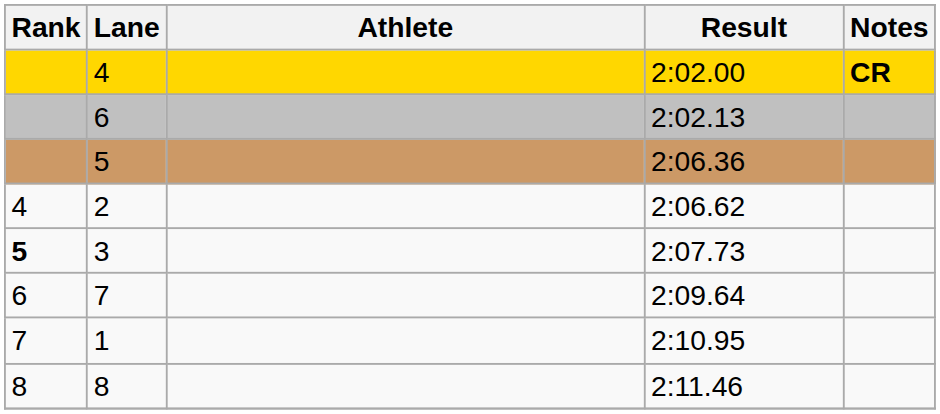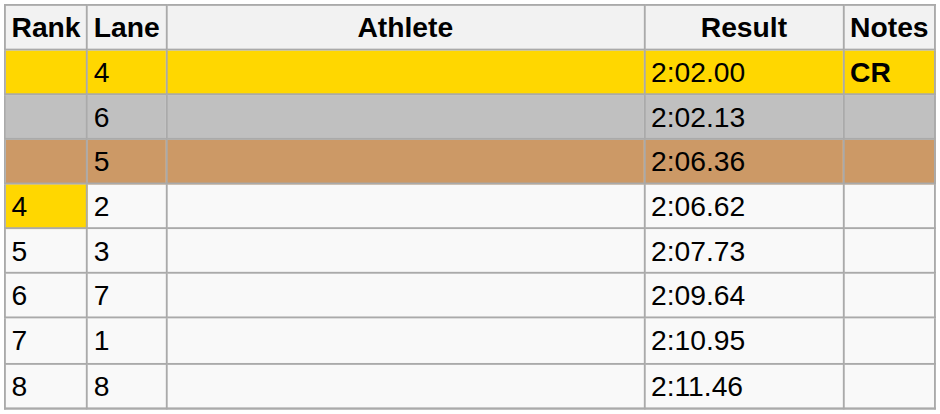 <table class="wikitable" style="font-size:95%" style="width:35em;" style="text-align:center">
 <tr>
 <th>Rank</th>
 <th>Lane</th>
 <th width=250>Athlete</th>
 <th width=100>Result</th>
 <th>Notes</th>
 </tr>
 <tr bgcolor=gold>
 <td></td>
 <td>4</td>
 <td align=left></td>
 <td>2:02.00</td>
 <td><strong>CR</strong></td>
 </tr>
 <tr bgcolor=silver>
 <td></td>
 <td>6</td>
 <td align=left></td>
 <td>2:02.13</td>
 <td></td>
 </tr>
 <tr bgcolor=cc9966>
 <td></td>
 <td>5</td>
 <td align=left></td>
 <td>2:06.36</td>
 <td></td>
 </tr>
 <tr>
-<td>4</td>
+<td style="background: gold;">4</td>
 <td>2</td>
 <td align=left></td>
 <td>2:06.62</td>
 <td></td>
 </tr>
 <tr>
-<td><strong>5</strong></td>
+<td>5</td>
 <td>3</td>
 <td align=left></td>
 <td>2:07.73</td>
 <td></td>
 </tr>
 <tr>
 <td>6</td>
 <td>7</td>
 <td align=left></td>
 <td>2:09.64</td>
 <td></td>
 </tr>
 <tr>
 <td>7</td>
 <td>1</td>
 <td align=left></td>
 <td>2:10.95</td>
 <td></td>
 </tr>
 <tr>
 <td>8</td>
 <td>8</td>
 <td align=left></td>
 <td>2:11.46</td>
 <td></td>
 </tr>
 <tr>
 </tr>
 </table>
